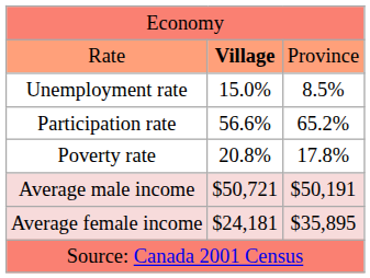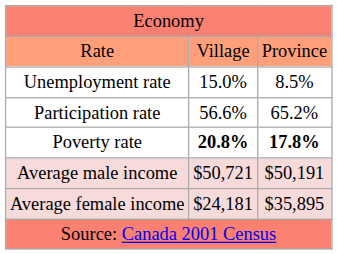 <table class="wikitable" style="float: right; clear:right; margin-left:1em; font-size: 90%;">
 <tr style="text-align:center;background-color:salmon">
 <td colspan="3">Economy</td>
 </tr>
 <tr style="text-align:center;background-color:lightsalmon">
 <td>Rate</td>
-<td><strong>Village</strong></td>
+<td>Village</td>
 <td>Province</td>
 </tr>
 <tr style="text-align:center;background-color:#ffffff">
 <td>Unemployment rate</td>
 <td>15.0%</td>
 <td>8.5%</td>
 </tr>
 <tr style="text-align:center;background-color:#ffffff">
 <td>Participation rate</td>
 <td>56.6%</td>
 <td>65.2%</td>
 </tr>
 <tr style="text-align:center;background-color:#ffffff">
 <td>Poverty rate</td>
-<td>20.8%</td>
-<td>17.8%</td>
+<td><strong>20.8%</strong></td>
+<td><strong>17.8%</strong></td>
 </tr>
 <tr style="text-align:center;background-color:#F7DBDB">
 <td>Average male income</td>
 <td>$50,721</td>
 <td>$50,191</td>
 </tr>
 <tr style="text-align:center;background-color:#F7DBDB">
 <td>Average female income</td>
 <td>$24,181</td>
 <td>$35,895</td>
 </tr>
 <tr style="text-align:center;background-color:salmon">
 <td colspan="3">Source: <a href='#'>Canada 2001 Census</a></td>
 </tr>
 </table>
